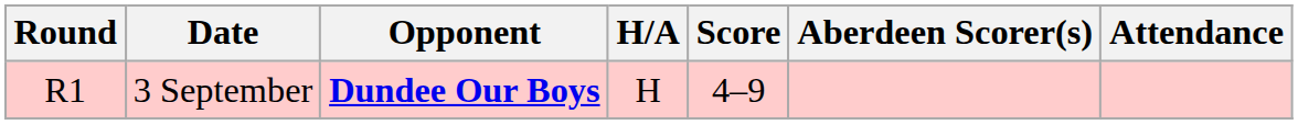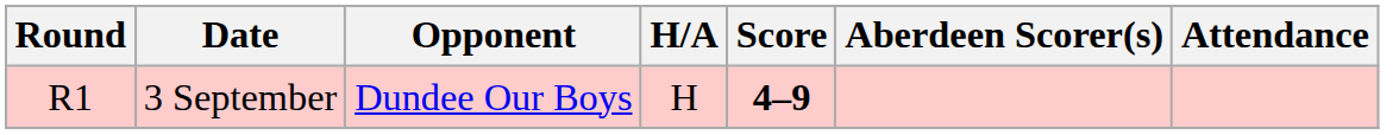 <table class="wikitable" style="text-align:center">
 <tr>
 <th>Round</th>
 <th>Date</th>
 <th>Opponent</th>
 <th>H/A</th>
 <th>Score</th>
 <th>Aberdeen Scorer(s)</th>
 <th>Attendance</th>
 </tr>
 <tr bgcolor=#FFCCCC>
 <td>R1</td>
 <td align=left>3 September</td>
-<td align=left><strong><a href='#'>Dundee Our Boys</a></strong></td>
+<td align=left><a href='#'>Dundee Our Boys</a></td>
 <td>H</td>
-<td>4–9</td>
+<td><strong>4–9</strong></td>
 <td align=left></td>
 <td></td>
 </tr>
 <tr>
 </tr>
 </table>
